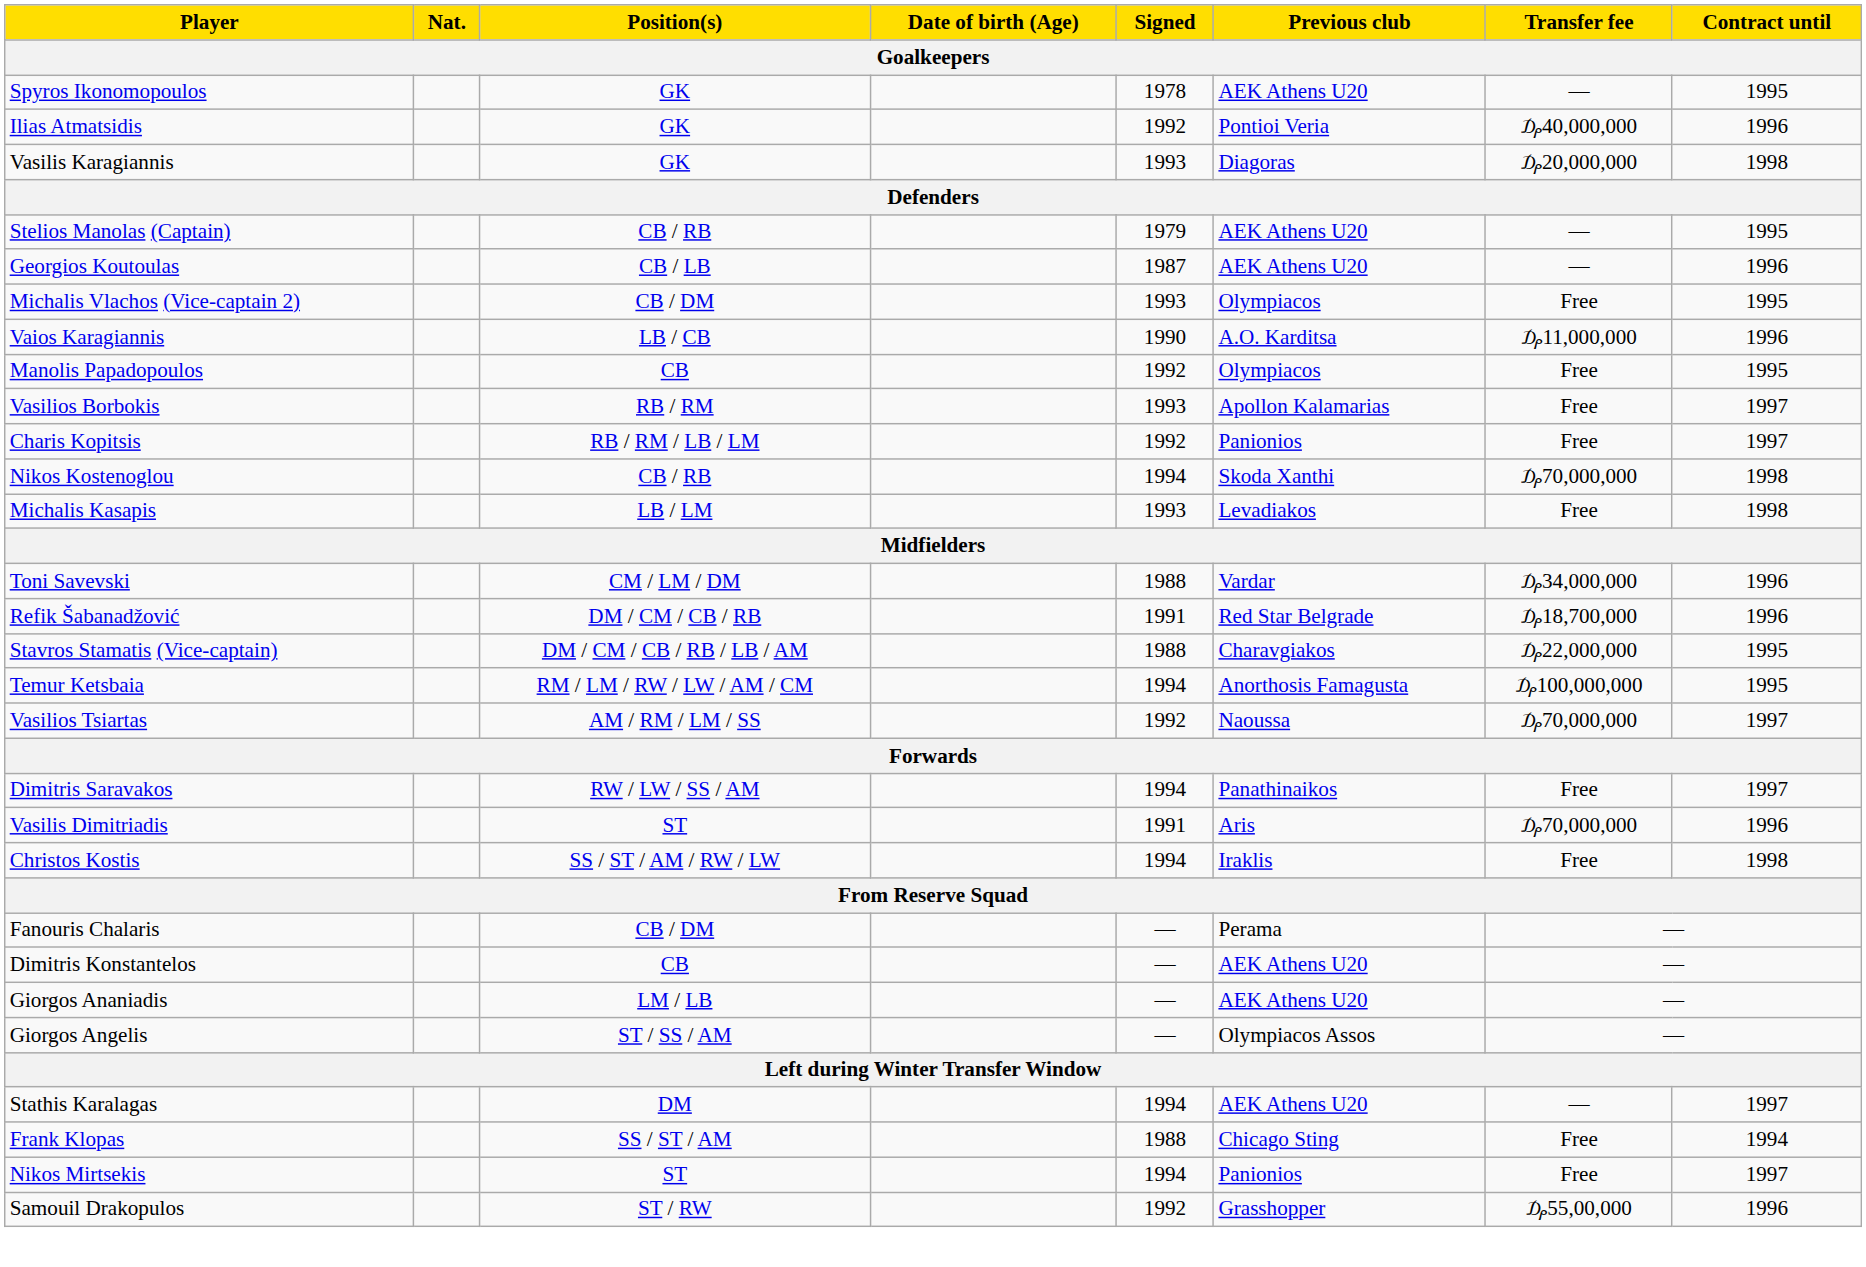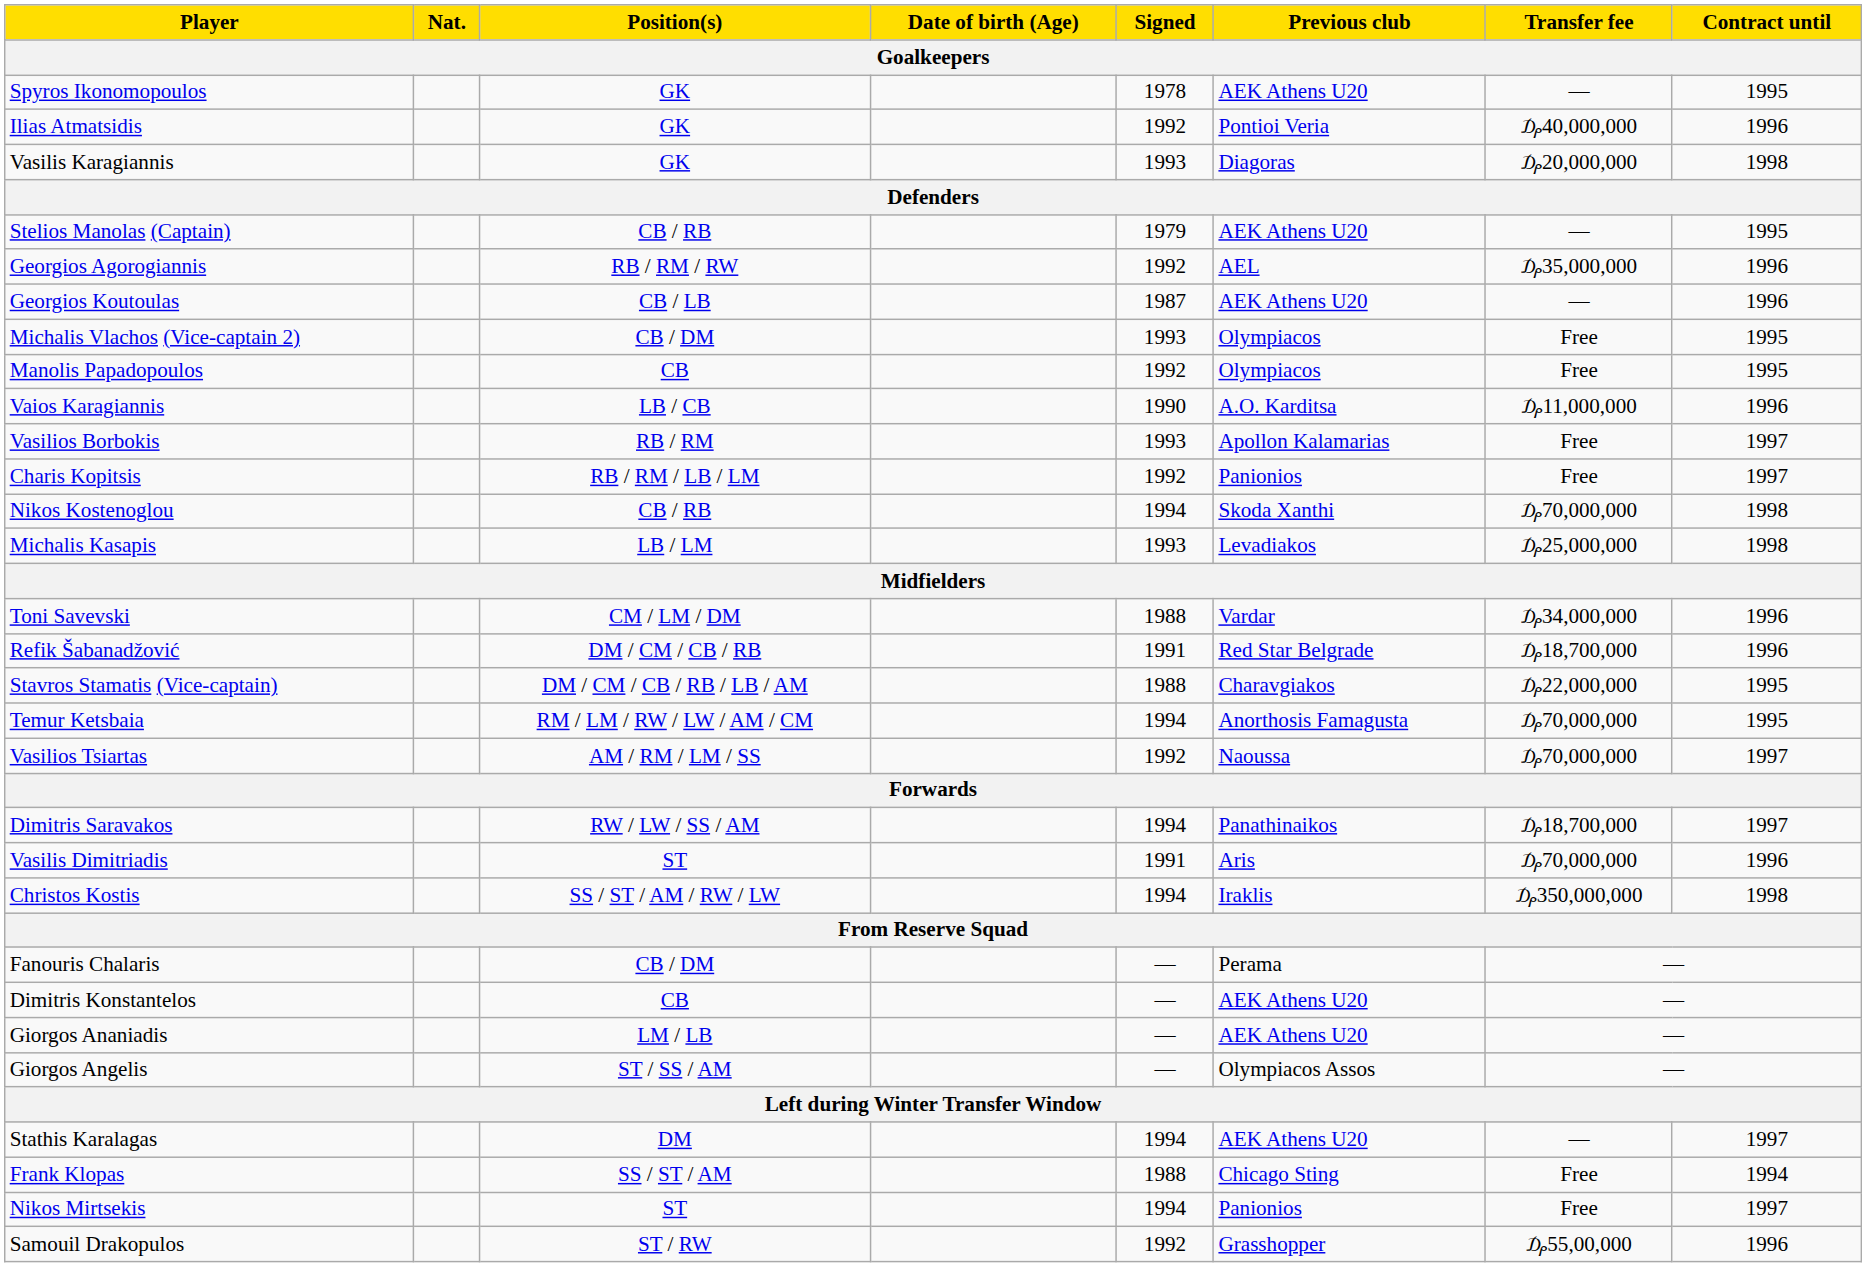 <table class="wikitable" style="text-align:center; font-size:90%;width:100%;">
 <tr>
 <th style="background:#FFDE00">Player</th>
 <th style="background:#FFDE00">Nat.</th>
 <th style="background:#FFDE00">Position(s)</th>
 <th style="background:#FFDE00">Date of birth (Age)</th>
 <th style="background:#FFDE00">Signed</th>
 <th style="background:#FFDE00">Previous club</th>
 <th style="background:#FFDE00">Transfer fee</th>
 <th style="background:#FFDE00">Contract until</th>
 </tr>
 <tr>
 <th colspan="8">Goalkeepers</th>
 </tr>
 <tr>
 <td align=left><a href='#'>Spyros Ikonomopoulos</a></td>
 <td></td>
 <td><a href='#'>GK</a></td>
 <td></td>
 <td>1978</td>
 <td align=left> <a href='#'>AEK Athens U20</a></td>
 <td>—</td>
 <td>1995</td>
 </tr>
 <tr>
 <td align=left><a href='#'>Ilias Atmatsidis</a></td>
 <td></td>
 <td><a href='#'>GK</a></td>
 <td></td>
 <td>1992</td>
 <td align=left> <a href='#'>Pontioi Veria</a></td>
 <td>₯40,000,000</td>
 <td>1996</td>
 </tr>
 <tr>
 <td align=left>Vasilis Karagiannis</td>
 <td></td>
 <td><a href='#'>GK</a></td>
 <td></td>
 <td>1993</td>
 <td align=left> <a href='#'>Diagoras</a></td>
 <td>₯20,000,000</td>
 <td>1998</td>
 </tr>
 <tr>
 <th colspan="8">Defenders</th>
 </tr>
 <tr>
 <td align=left><a href='#'>Stelios Manolas</a> <a href='#'>(Captain)</a></td>
 <td></td>
 <td><a href='#'>CB</a> / <a href='#'>RB</a></td>
 <td></td>
 <td>1979</td>
 <td align=left> <a href='#'>AEK Athens U20</a></td>
 <td>—</td>
 <td>1995</td>
 </tr>
 <tr>
+<td align=left><a href='#'>Georgios Agorogiannis</a></td>
+<td></td>
+<td><a href='#'>RB</a> / <a href='#'>RM</a> / <a href='#'>RW</a></td>
+<td></td>
+<td>1992</td>
+<td align=left> <a href='#'>AEL</a></td>
+<td>₯35,000,000</td>
+<td>1996</td>
+</tr>
+<tr>
 <td align=left><a href='#'>Georgios Koutoulas</a></td>
 <td></td>
 <td><a href='#'>CB</a> / <a href='#'>LB</a></td>
 <td></td>
 <td>1987</td>
 <td align=left> <a href='#'>AEK Athens U20</a></td>
 <td>—</td>
 <td>1996</td>
 </tr>
 <tr>
 <td align=left><a href='#'>Michalis Vlachos</a> <a href='#'>(Vice-captain 2)</a></td>
 <td></td>
 <td><a href='#'>CB</a> / <a href='#'>DM</a></td>
 <td></td>
 <td>1993</td>
 <td align=left> <a href='#'>Olympiacos</a></td>
 <td>Free</td>
 <td>1995</td>
 </tr>
 <tr>
+<td align=left><a href='#'>Manolis Papadopoulos</a></td>
+<td></td>
+<td><a href='#'>CB</a></td>
+<td></td>
+<td>1992</td>
+<td align=left> <a href='#'>Olympiacos</a></td>
+<td>Free</td>
+<td>1995</td>
+</tr>
+<tr>
 <td align=left><a href='#'>Vaios Karagiannis</a></td>
 <td></td>
 <td><a href='#'>LB</a> / <a href='#'>CB</a></td>
 <td></td>
 <td>1990</td>
 <td align=left> <a href='#'>A.O. Karditsa</a></td>
 <td>₯11,000,000</td>
 <td>1996</td>
-</tr>
-<tr>
-<td align=left><a href='#'>Manolis Papadopoulos</a></td>
-<td></td>
-<td><a href='#'>CB</a></td>
-<td></td>
-<td>1992</td>
-<td align=left> <a href='#'>Olympiacos</a></td>
-<td>Free</td>
-<td>1995</td>
 </tr>
 <tr>
 <td align=left><a href='#'>Vasilios Borbokis</a></td>
 <td></td>
 <td><a href='#'>RB</a> / <a href='#'>RM</a></td>
 <td></td>
 <td>1993</td>
 <td align=left> <a href='#'>Apollon Kalamarias</a></td>
 <td>Free</td>
 <td>1997</td>
 </tr>
 <tr>
 <td align=left><a href='#'>Charis Kopitsis</a></td>
 <td></td>
 <td><a href='#'>RB</a> / <a href='#'>RM</a> / <a href='#'>LB</a> / <a href='#'>LM</a></td>
 <td></td>
 <td>1992</td>
 <td align=left> <a href='#'>Panionios</a></td>
 <td>Free</td>
 <td>1997</td>
 </tr>
 <tr>
 <td align=left><a href='#'>Nikos Kostenoglou</a></td>
 <td></td>
 <td><a href='#'>CB</a> / <a href='#'>RB</a></td>
 <td></td>
 <td>1994</td>
 <td align=left> <a href='#'>Skoda Xanthi</a></td>
 <td>₯70,000,000</td>
 <td>1998</td>
 </tr>
 <tr>
 <td align=left><a href='#'>Michalis Kasapis</a></td>
 <td></td>
 <td><a href='#'>LB</a> / <a href='#'>LM</a></td>
 <td></td>
 <td>1993</td>
 <td align=left> <a href='#'>Levadiakos</a></td>
-<td>Free</td>
+<td>₯25,000,000</td>
 <td>1998</td>
 </tr>
 <tr>
 <th colspan="8">Midfielders</th>
 </tr>
 <tr>
 <td align=left><a href='#'>Toni Savevski</a></td>
 <td></td>
 <td><a href='#'>CM</a> / <a href='#'>LM</a> / <a href='#'>DM</a></td>
 <td></td>
 <td>1988</td>
 <td align=left> <a href='#'>Vardar</a></td>
 <td>₯34,000,000</td>
 <td>1996</td>
 </tr>
 <tr>
 <td align=left><a href='#'>Refik Šabanadžović</a></td>
 <td></td>
 <td><a href='#'>DM</a> / <a href='#'>CM</a> / <a href='#'>CB</a> / <a href='#'>RB</a></td>
 <td></td>
 <td>1991</td>
 <td align=left> <a href='#'>Red Star Belgrade</a></td>
 <td>₯18,700,000</td>
 <td>1996</td>
 </tr>
 <tr>
 <td align=left><a href='#'>Stavros Stamatis</a> <a href='#'>(Vice-captain)</a></td>
 <td></td>
 <td><a href='#'>DM</a> / <a href='#'>CM</a> / <a href='#'>CB</a> / <a href='#'>RB</a> / <a href='#'>LB</a> /  <a href='#'>AM</a></td>
 <td></td>
 <td>1988</td>
 <td align=left> <a href='#'>Charavgiakos</a></td>
 <td>₯22,000,000</td>
 <td>1995</td>
 </tr>
 <tr>
 <td align=left><a href='#'>Temur Ketsbaia</a></td>
 <td></td>
 <td><a href='#'>RM</a> / <a href='#'>LM</a> / <a href='#'>RW</a> / <a href='#'>LW</a> / <a href='#'>AM</a> / <a href='#'>CM</a></td>
 <td></td>
 <td>1994</td>
 <td align=left> <a href='#'>Anorthosis Famagusta</a></td>
-<td>₯100,000,000</td>
+<td>₯70,000,000</td>
 <td>1995</td>
 </tr>
 <tr>
 <td align=left><a href='#'>Vasilios Tsiartas</a></td>
 <td></td>
 <td><a href='#'>AM</a> / <a href='#'>RM</a> / <a href='#'>LM</a> / <a href='#'>SS</a></td>
 <td></td>
 <td>1992</td>
 <td align=left> <a href='#'>Naoussa</a></td>
 <td>₯70,000,000</td>
 <td>1997</td>
 </tr>
 <tr>
 <th colspan="8">Forwards</th>
 </tr>
 <tr>
 <td align=left><a href='#'>Dimitris Saravakos</a></td>
 <td></td>
 <td><a href='#'>RW</a> / <a href='#'>LW</a> / <a href='#'>SS</a> / <a href='#'>AM</a></td>
 <td></td>
 <td>1994</td>
 <td align=left> <a href='#'>Panathinaikos</a></td>
-<td>Free</td>
+<td>₯18,700,000</td>
 <td>1997</td>
 </tr>
 <tr>
 <td align=left><a href='#'>Vasilis Dimitriadis</a></td>
 <td></td>
 <td><a href='#'>ST</a></td>
 <td></td>
 <td>1991</td>
 <td align=left> <a href='#'>Aris</a></td>
 <td>₯70,000,000</td>
 <td>1996</td>
 </tr>
 <tr>
 <td align=left><a href='#'>Christos Kostis</a></td>
 <td></td>
 <td><a href='#'>SS</a> / <a href='#'>ST</a> / <a href='#'>AM</a> / <a href='#'>RW</a> / <a href='#'>LW</a></td>
 <td></td>
 <td>1994</td>
 <td align=left> <a href='#'>Iraklis</a></td>
-<td>Free</td>
+<td>₯350,000,000</td>
 <td>1998</td>
 </tr>
 <tr>
 <th colspan="8">From Reserve Squad</th>
 </tr>
 <tr>
 <td align=left>Fanouris Chalaris</td>
 <td></td>
 <td><a href='#'>CB</a> / <a href='#'>DM</a></td>
 <td></td>
 <td>—</td>
 <td align=left> Perama</td>
 <td colspan="2">—</td>
 </tr>
 <tr>
 <td align=left>Dimitris Konstantelos</td>
 <td></td>
 <td><a href='#'>CB</a></td>
 <td></td>
 <td>—</td>
 <td align=left> <a href='#'>AEK Athens U20</a></td>
 <td colspan="2">—</td>
 </tr>
 <tr>
 <td align=left>Giorgos Ananiadis</td>
 <td></td>
 <td><a href='#'>LM</a> / <a href='#'>LB</a></td>
 <td></td>
 <td>—</td>
 <td align=left> <a href='#'>AEK Athens U20</a></td>
 <td colspan="2">—</td>
 </tr>
 <tr>
 <td align=left>Giorgos Angelis</td>
 <td></td>
 <td><a href='#'>ST</a> / <a href='#'>SS</a> / <a href='#'>AM</a></td>
 <td></td>
 <td>—</td>
 <td align=left> Olympiacos Assos</td>
 <td colspan="2">—</td>
 </tr>
 <tr>
 <th colspan="8">Left during Winter Transfer Window</th>
 </tr>
 <tr>
 <td align=left>Stathis Karalagas</td>
 <td></td>
 <td><a href='#'>DM</a></td>
 <td></td>
 <td>1994</td>
 <td align=left> <a href='#'>AEK Athens U20</a></td>
 <td>—</td>
 <td>1997</td>
 </tr>
 <tr>
 <td align=left><a href='#'>Frank Klopas</a></td>
 <td></td>
 <td><a href='#'>SS</a> / <a href='#'>ST</a> / <a href='#'>AM</a></td>
 <td></td>
 <td>1988</td>
 <td align=left> <a href='#'>Chicago Sting</a></td>
 <td>Free</td>
 <td>1994</td>
 </tr>
 <tr>
 <td align=left><a href='#'>Nikos Mirtsekis</a></td>
 <td></td>
 <td><a href='#'>ST</a></td>
 <td></td>
 <td>1994</td>
 <td align=left> <a href='#'>Panionios</a></td>
 <td>Free</td>
 <td>1997</td>
 </tr>
 <tr>
 <td align=left>Samouil Drakopulos</td>
 <td></td>
 <td><a href='#'>ST</a> / <a href='#'>RW</a></td>
 <td></td>
 <td>1992</td>
 <td align=left> <a href='#'>Grasshopper</a></td>
 <td>₯55,00,000</td>
 <td>1996</td>
 </tr>
 </table>
